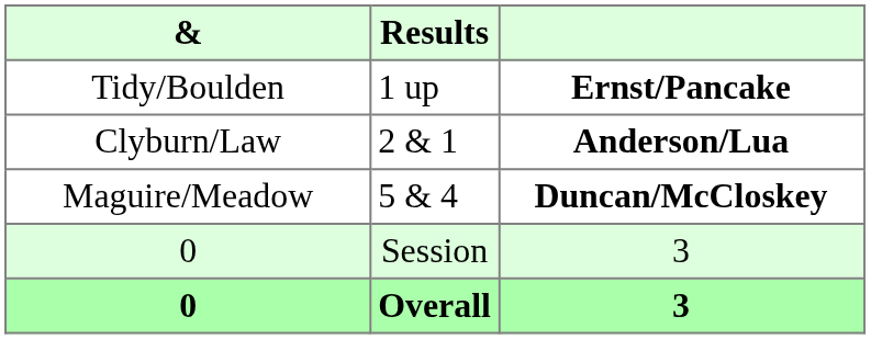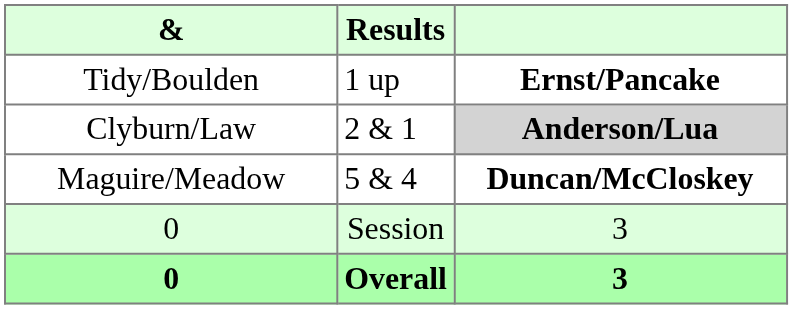 <table border="1" cellpadding="3" style="border-collapse:collapse; text-align:center;">
 <tr style="background:#ddffdd;">
 <th width=160> & </th>
 <th>Results</th>
 <th width=160></th>
 </tr>
 <tr>
 <td>Tidy/Boulden</td>
 <td align=left> 1 up</td>
 <td><strong>Ernst/Pancake</strong></td>
 </tr>
 <tr>
 <td>Clyburn/Law</td>
 <td align=left> 2 & 1</td>
-<td><strong>Anderson/Lua</strong></td>
+<td style="background: lightgrey;"><strong>Anderson/Lua</strong></td>
 </tr>
 <tr>
 <td>Maguire/Meadow</td>
 <td align=left> 5 & 4</td>
 <td><strong>Duncan/McCloskey</strong></td>
 </tr>
 <tr style="background:#ddffdd;">
 <td>0</td>
 <td>Session</td>
 <td>3</td>
 </tr>
 <tr style="background:#aaffaa;">
 <th>0</th>
 <th>Overall</th>
 <th>3</th>
 </tr>
 </table>
